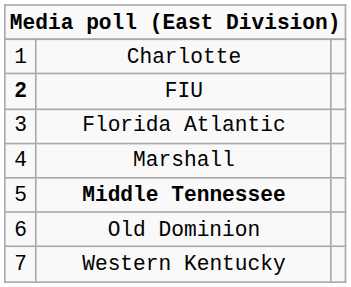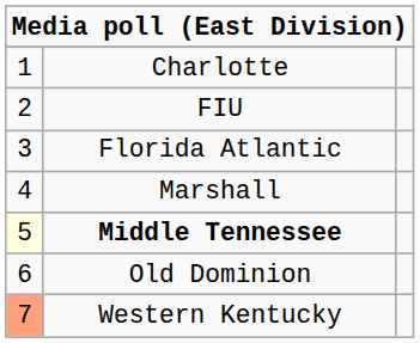 <table class="wikitable" style="display: inline-table;">
 <tr>
 <td align="center" Colspan="3"><strong>Media poll (East Division)</strong></td>
 </tr>
 <tr align="center">
 </tr>
 <tr align="center">
 <td>1</td>
 <td>Charlotte</td>
 <td></td>
 </tr>
 <tr align="center">
-<td><strong>2</strong></td>
+<td>2</td>
 <td>FIU</td>
 <td></td>
 </tr>
 <tr align="center">
 <td>3</td>
 <td>Florida Atlantic</td>
 <td></td>
 </tr>
 <tr align="center">
 <td>4</td>
 <td>Marshall</td>
 <td></td>
 </tr>
 <tr align="center">
-<td>5</td>
+<td style="background: lightyellow;">5</td>
 <td><strong>Middle Tennessee</strong></td>
 <td></td>
 </tr>
 <tr align="center">
 <td>6</td>
 <td>Old Dominion</td>
 <td></td>
 </tr>
 <tr align="center">
-<td>7</td>
+<td style="background: lightsalmon;">7</td>
 <td>Western Kentucky</td>
 <td></td>
 </tr>
 </table>
